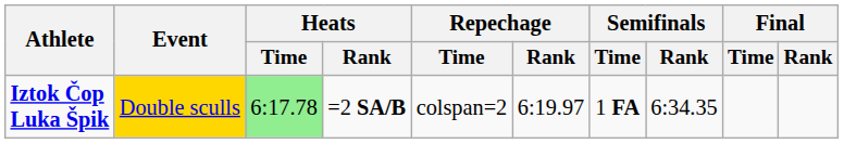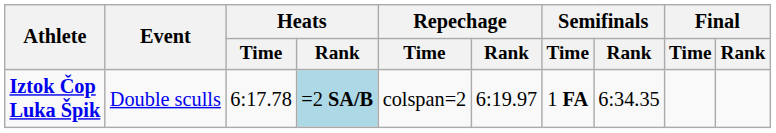 <table class="wikitable" style="font-size:90%">
 <tr>
 <th rowspan="2">Athlete</th>
 <th rowspan="2">Event</th>
 <th colspan="2">Heats</th>
 <th colspan="2">Repechage</th>
 <th colspan="2">Semifinals</th>
 <th colspan="2">Final</th>
 </tr>
 <tr style="font-size:95%">
 <th>Time</th>
 <th>Rank</th>
 <th>Time</th>
 <th>Rank</th>
 <th>Time</th>
 <th>Rank</th>
 <th>Time</th>
 <th>Rank</th>
 </tr>
 <tr align=center>
 <td align=left><strong><a href='#'>Iztok Čop</a><br><a href='#'>Luka Špik</a></strong></td>
-<td align=left style="background: gold;"><a href='#'>Double sculls</a></td>
-<td style="background: lightgreen;">6:17.78</td>
-<td>=2 <strong>SA/B</strong></td>
+<td align=left><a href='#'>Double sculls</a></td>
+<td>6:17.78</td>
+<td style="background: lightblue;">=2 <strong>SA/B</strong></td>
 <td>colspan=2 </td>
 <td>6:19.97</td>
 <td>1 <strong>FA</strong></td>
 <td>6:34.35</td>
 <td></td>
 </tr>
 </table>
